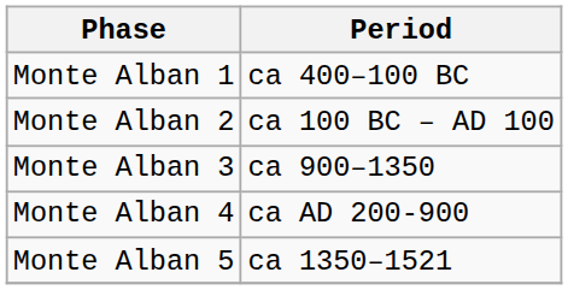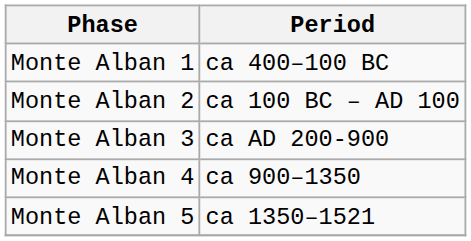 <table class="wikitable" align="right">
 <tr>
 <th>Phase</th>
 <th>Period</th>
 </tr>
 <tr>
 <td>Monte Alban 1</td>
 <td>ca 400–100 BC</td>
 </tr>
 <tr>
 <td>Monte Alban 2</td>
 <td>ca 100 BC – AD 100</td>
 </tr>
 <tr>
 <td>Monte Alban 3</td>
-<td>ca 900–1350</td>
+<td>ca AD 200-900</td>
 </tr>
 <tr>
 <td>Monte Alban 4</td>
-<td>ca AD 200-900</td>
+<td>ca 900–1350</td>
 </tr>
 <tr>
 <td>Monte Alban 5</td>
 <td>ca 1350–1521</td>
 </tr>
 <tr>
 </tr>
 </table>
